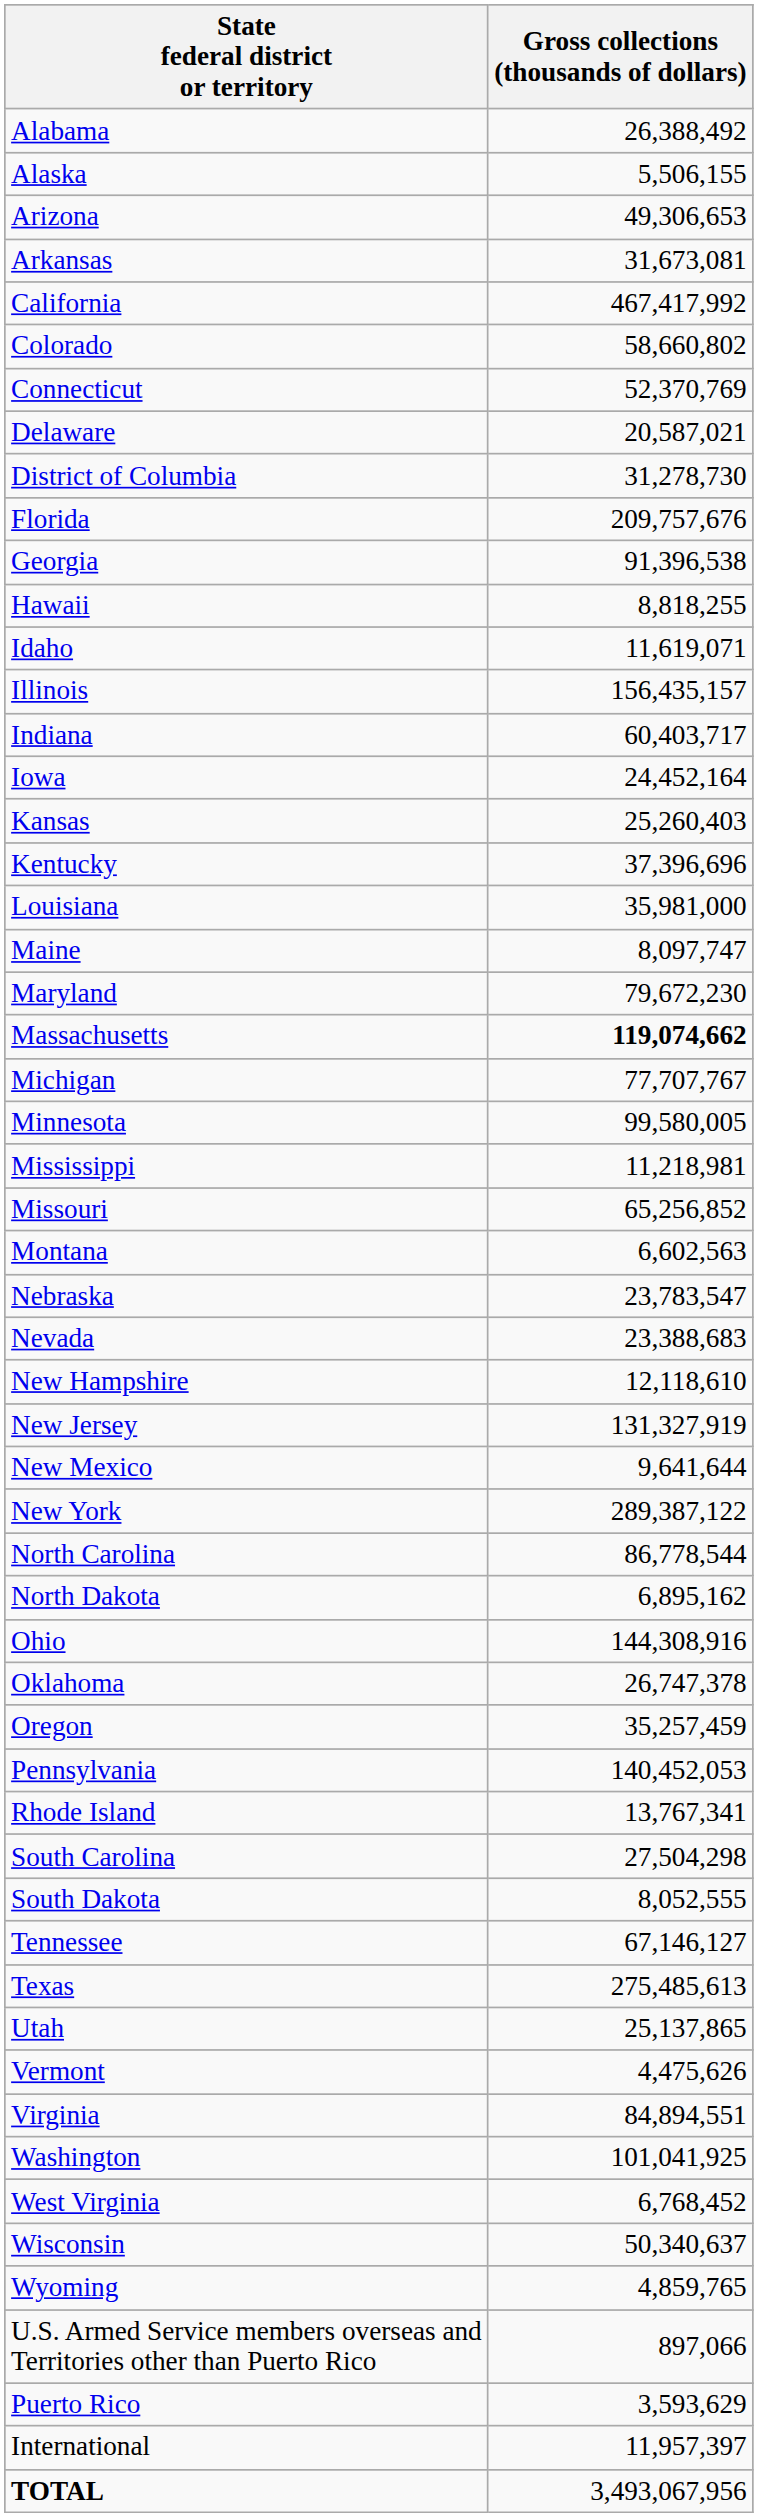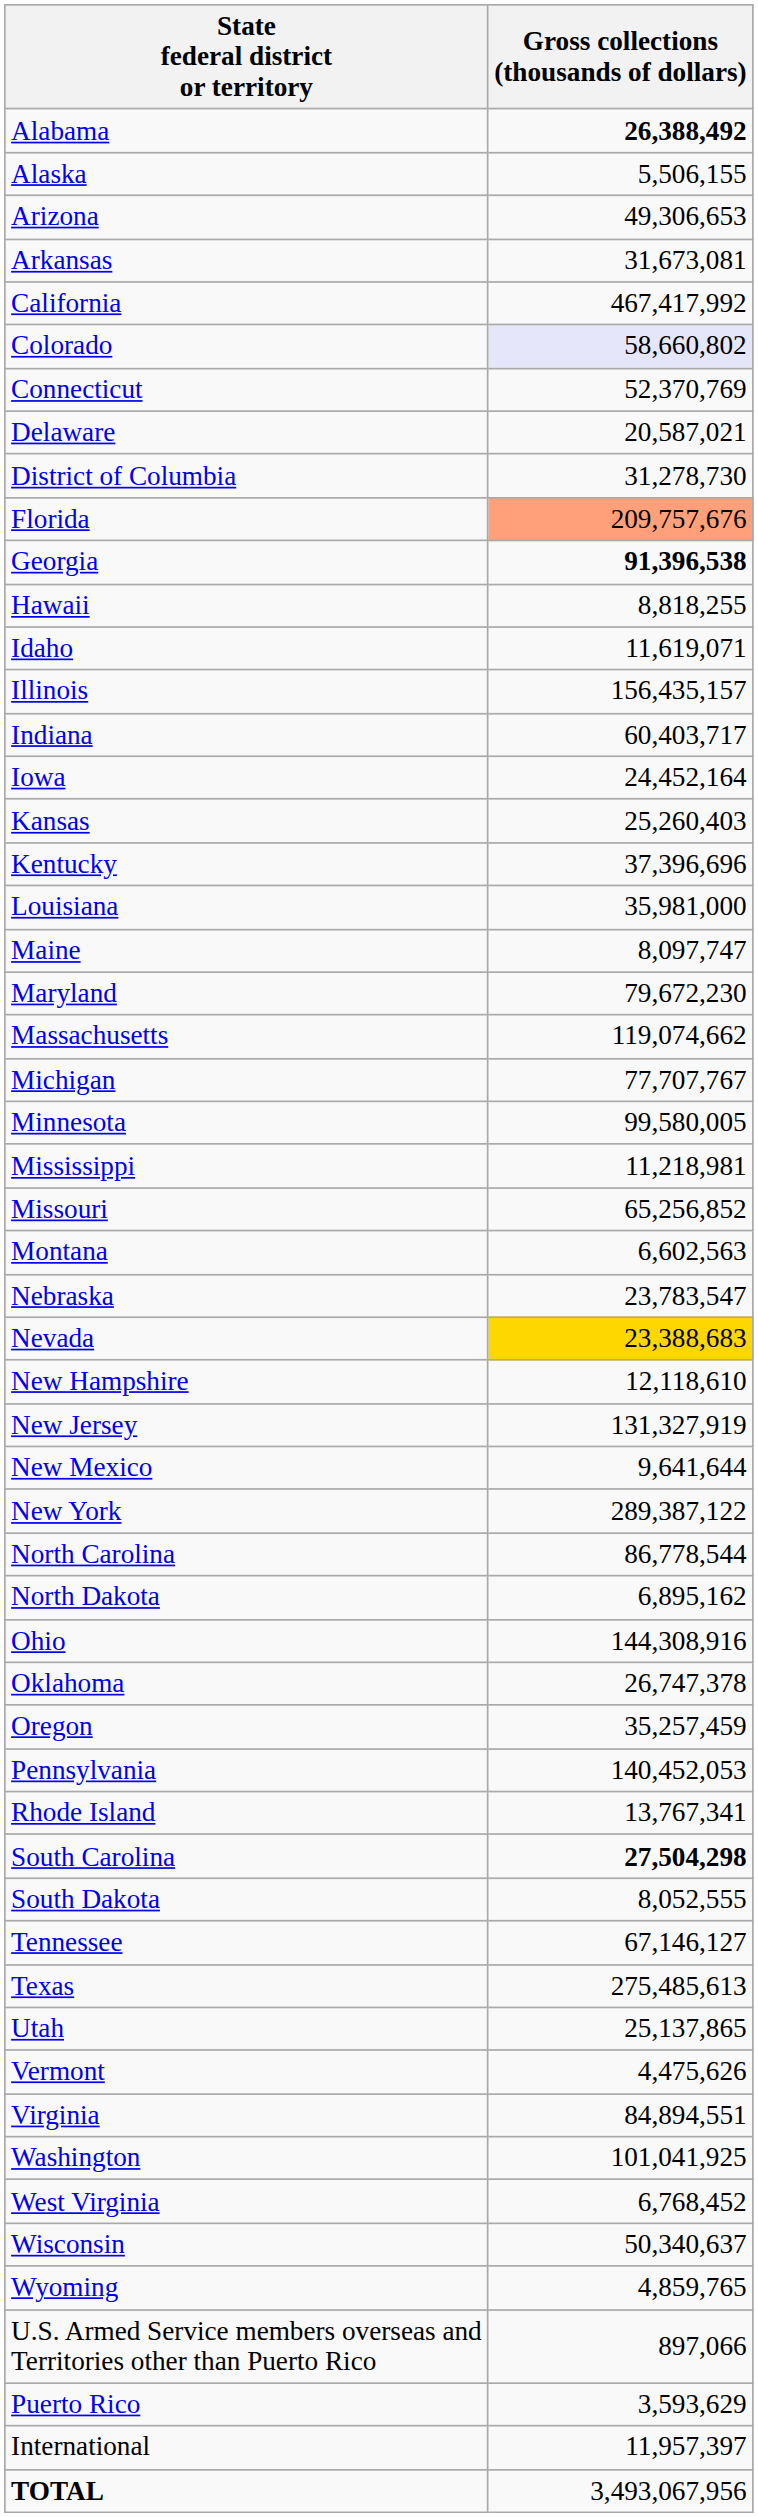 <table class="wikitable sortable">
 <tr>
 <th align="center">State<br>federal district<br> or territory</th>
 <th align="center">Gross collections<br>(thousands of dollars)</th>
 </tr>
 <tr>
 <td><a href='#'>Alabama</a></td>
-<td align="right">26,388,492</td>
+<td align="right"><strong>26,388,492</strong></td>
 </tr>
 <tr>
 <td><a href='#'>Alaska</a></td>
 <td align="right">5,506,155</td>
 </tr>
 <tr>
 <td><a href='#'>Arizona</a></td>
 <td align="right">49,306,653</td>
 </tr>
 <tr>
 <td><a href='#'>Arkansas</a></td>
 <td align="right">31,673,081</td>
 </tr>
 <tr>
 <td><a href='#'>California</a></td>
 <td align="right">467,417,992</td>
 </tr>
 <tr>
 <td><a href='#'>Colorado</a></td>
-<td align="right">58,660,802</td>
+<td align="right" style="background: lavender;">58,660,802</td>
 </tr>
 <tr>
 <td><a href='#'>Connecticut</a></td>
 <td align="right">52,370,769</td>
 </tr>
 <tr>
 <td><a href='#'>Delaware</a></td>
 <td align="right">20,587,021</td>
 </tr>
 <tr>
 <td><a href='#'>District of Columbia</a></td>
 <td align="right">31,278,730</td>
 </tr>
 <tr>
 <td><a href='#'>Florida</a></td>
-<td align="right">209,757,676</td>
+<td align="right" style="background: lightsalmon;">209,757,676</td>
 </tr>
 <tr>
 <td><a href='#'>Georgia</a></td>
-<td align="right">91,396,538</td>
+<td align="right"><strong>91,396,538</strong></td>
 </tr>
 <tr>
 <td><a href='#'>Hawaii</a></td>
 <td align="right">8,818,255</td>
 </tr>
 <tr>
 <td><a href='#'>Idaho</a></td>
 <td align="right">11,619,071</td>
 </tr>
 <tr>
 <td><a href='#'>Illinois</a></td>
 <td align="right">156,435,157</td>
 </tr>
 <tr>
 <td><a href='#'>Indiana</a></td>
 <td align="right">60,403,717</td>
 </tr>
 <tr>
 <td><a href='#'>Iowa</a></td>
 <td align="right">24,452,164</td>
 </tr>
 <tr>
 <td><a href='#'>Kansas</a></td>
 <td align="right">25,260,403</td>
 </tr>
 <tr>
 <td><a href='#'>Kentucky</a></td>
 <td align="right">37,396,696</td>
 </tr>
 <tr>
 <td><a href='#'>Louisiana</a></td>
 <td align="right">35,981,000</td>
 </tr>
 <tr>
 <td><a href='#'>Maine</a></td>
 <td align="right">8,097,747</td>
 </tr>
 <tr>
 <td><a href='#'>Maryland</a></td>
 <td align="right">79,672,230</td>
 </tr>
 <tr>
 <td><a href='#'>Massachusetts</a></td>
-<td align="right"><strong>119,074,662</strong></td>
+<td align="right">119,074,662</td>
 </tr>
 <tr>
 <td><a href='#'>Michigan</a></td>
 <td align="right">77,707,767</td>
 </tr>
 <tr>
 <td><a href='#'>Minnesota</a></td>
 <td align="right">99,580,005</td>
 </tr>
 <tr>
 <td><a href='#'>Mississippi</a></td>
 <td align="right">11,218,981</td>
 </tr>
 <tr>
 <td><a href='#'>Missouri</a></td>
 <td align="right">65,256,852</td>
 </tr>
 <tr>
 <td><a href='#'>Montana</a></td>
 <td align="right">6,602,563</td>
 </tr>
 <tr>
 <td><a href='#'>Nebraska</a></td>
 <td align="right">23,783,547</td>
 </tr>
 <tr>
 <td><a href='#'>Nevada</a></td>
-<td align="right">23,388,683</td>
+<td align="right" style="background: gold;">23,388,683</td>
 </tr>
 <tr>
 <td><a href='#'>New Hampshire</a></td>
 <td align="right">12,118,610</td>
 </tr>
 <tr>
 <td><a href='#'>New Jersey</a></td>
 <td align="right">131,327,919</td>
 </tr>
 <tr>
 <td><a href='#'>New Mexico</a></td>
 <td align="right">9,641,644</td>
 </tr>
 <tr>
 <td><a href='#'>New York</a></td>
 <td align="right">289,387,122</td>
 </tr>
 <tr>
 <td><a href='#'>North Carolina</a></td>
 <td align="right">86,778,544</td>
 </tr>
 <tr>
 <td><a href='#'>North Dakota</a></td>
 <td align="right">6,895,162</td>
 </tr>
 <tr>
 <td><a href='#'>Ohio</a></td>
 <td align="right">144,308,916</td>
 </tr>
 <tr>
 <td><a href='#'>Oklahoma</a></td>
 <td align="right">26,747,378</td>
 </tr>
 <tr>
 <td><a href='#'>Oregon</a></td>
 <td align="right">35,257,459</td>
 </tr>
 <tr>
 <td><a href='#'>Pennsylvania</a></td>
 <td align="right">140,452,053</td>
 </tr>
 <tr>
 <td><a href='#'>Rhode Island</a></td>
 <td align="right">13,767,341</td>
 </tr>
 <tr>
 <td><a href='#'>South Carolina</a></td>
-<td align="right">27,504,298</td>
+<td align="right"><strong>27,504,298</strong></td>
 </tr>
 <tr>
 <td><a href='#'>South Dakota</a></td>
 <td align="right">8,052,555</td>
 </tr>
 <tr>
 <td><a href='#'>Tennessee</a></td>
 <td align="right">67,146,127</td>
 </tr>
 <tr>
 <td><a href='#'>Texas</a></td>
 <td align="right">275,485,613</td>
 </tr>
 <tr>
 <td><a href='#'>Utah</a></td>
 <td align="right">25,137,865</td>
 </tr>
 <tr>
 <td><a href='#'>Vermont</a></td>
 <td align="right">4,475,626</td>
 </tr>
 <tr>
 <td><a href='#'>Virginia</a></td>
 <td align="right">84,894,551</td>
 </tr>
 <tr>
 <td><a href='#'>Washington</a></td>
 <td align="right">101,041,925</td>
 </tr>
 <tr>
 <td><a href='#'>West Virginia</a></td>
 <td align="right">6,768,452</td>
 </tr>
 <tr>
 <td><a href='#'>Wisconsin</a></td>
 <td align="right">50,340,637</td>
 </tr>
 <tr>
 <td><a href='#'>Wyoming</a></td>
 <td align="right">4,859,765</td>
 </tr>
 <tr>
 <td>U.S. Armed Service members overseas and<br>Territories other than Puerto Rico</td>
 <td align="right">897,066</td>
 </tr>
 <tr>
 <td><a href='#'>Puerto Rico</a></td>
 <td align="right">3,593,629</td>
 </tr>
 <tr>
 <td>International</td>
 <td align="right">11,957,397</td>
 </tr>
 <tr class="sortbottom">
 <td><strong>TOTAL</strong></td>
 <td align="right">3,493,067,956</td>
 </tr>
 </table>
